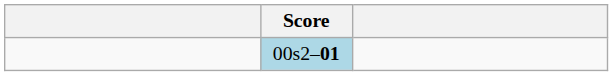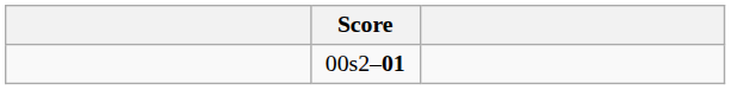 <table class="wikitable" style="text-align: center; font-size:90% ">
 <tr>
 <th align="right" width="180"></th>
 <th width="60">Score</th>
 <th align="left" width="180"></th>
 </tr>
 <tr>
 <td align=right></td>
-<td align=center style="background: lightblue;">00s2–<strong>01</strong></td>
+<td align=center>00s2–<strong>01</strong></td>
 <td align=left><strong></strong></td>
 </tr>
 </table>
